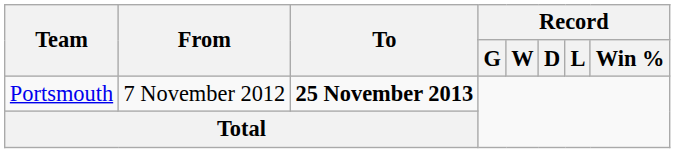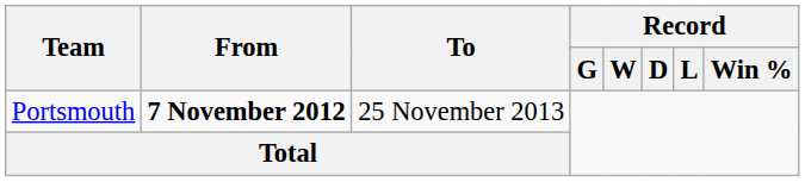 <table class="wikitable" style="text-align: center">
 <tr>
 <th rowspan=2>Team</th>
 <th rowspan=2>From</th>
 <th rowspan=2>To</th>
 <th colspan=5>Record</th>
 </tr>
 <tr>
 <th>G</th>
 <th>W</th>
 <th>D</th>
 <th>L</th>
 <th>Win %</th>
 </tr>
 <tr>
 <td align="left"><a href='#'>Portsmouth</a></td>
-<td align="left">7 November 2012</td>
-<td align="left"><strong>25 November 2013<br></strong></td>
+<td align="left"><strong>7 November 2012</strong></td>
+<td align="left">25 November 2013<br></td>
 </tr>
 <tr>
 <th colspan=3>Total<br></th>
 </tr>
 </table>
